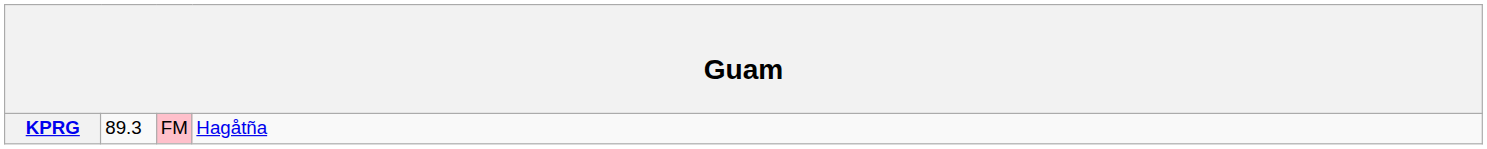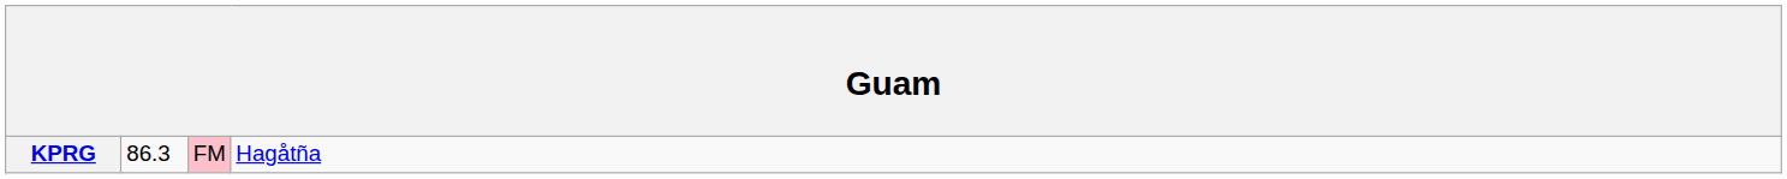 <table class="wikitable mw-collapsible" style="width:100%">
 <tr>
 <th scope="col" colspan="4"><br><h2>Guam</h2></th>
 </tr>
 <tr>
 <th scope="row" style="width: 75px;"><a href='#'>KPRG</a></th>
-<td style="width: 40px;">89.3</td>
+<td style="width: 40px;">86.3</td>
 <td style="background: pink; width: 21px;">FM</td>
 <td><a href='#'>Hagåtña</a></td>
 </tr>
 </table>
